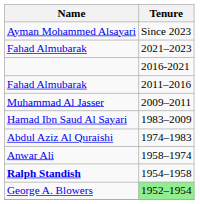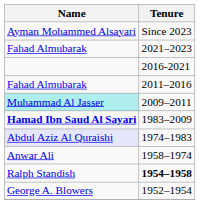 <table class="wikitable">
 <tr>
 <th>Name</th>
 <th>Tenure</th>
 </tr>
 <tr>
 <td><a href='#'>Ayman Mohammed Alsayari</a></td>
 <td>Since 2023</td>
 </tr>
 <tr>
 <td><a href='#'>Fahad Almubarak</a></td>
 <td>2021–2023</td>
 </tr>
 <tr>
 <td></td>
 <td>2016-2021</td>
 </tr>
 <tr>
 <td><a href='#'>Fahad Almubarak</a></td>
 <td>2011–2016</td>
 </tr>
 <tr>
-<td><a href='#'>Muhammad Al Jasser</a></td>
+<td style="background: paleturquoise;"><a href='#'>Muhammad Al Jasser</a></td>
 <td>2009–2011</td>
 </tr>
 <tr>
-<td><a href='#'>Hamad Ibn Saud Al Sayari</a></td>
+<td><strong><a href='#'>Hamad Ibn Saud Al Sayari</a></strong></td>
 <td>1983–2009</td>
 </tr>
 <tr>
-<td><a href='#'>Abdul Aziz Al Quraishi</a></td>
+<td style="background: lavender;"><a href='#'>Abdul Aziz Al Quraishi</a></td>
 <td>1974–1983</td>
 </tr>
 <tr>
 <td><a href='#'>Anwar Ali</a></td>
 <td>1958–1974</td>
 </tr>
 <tr>
-<td><strong><a href='#'>Ralph Standish</a></strong></td>
-<td>1954–1958</td>
+<td><a href='#'>Ralph Standish</a></td>
+<td><strong>1954–1958</strong></td>
 </tr>
 <tr>
 <td><a href='#'>George A. Blowers</a></td>
-<td style="background: lightgreen;">1952–1954</td>
+<td>1952–1954</td>
 </tr>
 <tr>
 </tr>
 </table>
